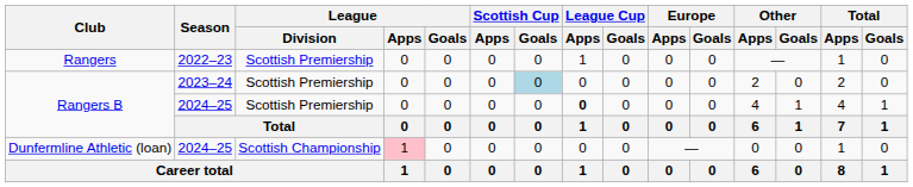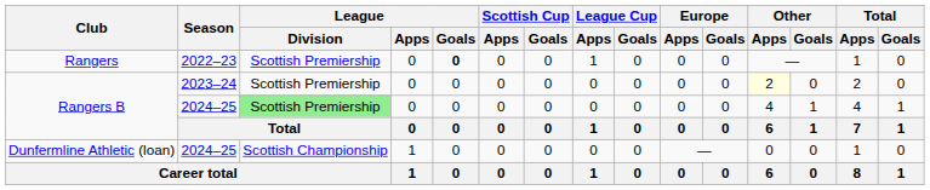 <table class="wikitable" style="text-align:center">
 <tr>
 <th rowspan="2">Club</th>
 <th rowspan="2">Season</th>
 <th colspan="3">League</th>
 <th colspan="2"><a href='#'>Scottish Cup</a></th>
 <th colspan="2"><a href='#'>League Cup</a></th>
 <th colspan="2">Europe</th>
 <th colspan="2">Other</th>
 <th colspan="2">Total</th>
 </tr>
 <tr>
 <th>Division</th>
 <th>Apps</th>
 <th>Goals</th>
 <th>Apps</th>
 <th>Goals</th>
 <th>Apps</th>
 <th>Goals</th>
 <th>Apps</th>
 <th>Goals</th>
 <th>Apps</th>
 <th>Goals</th>
 <th>Apps</th>
 <th>Goals</th>
 </tr>
 <tr>
 <td><a href='#'>Rangers</a></td>
 <td><a href='#'>2022–23</a></td>
 <td><a href='#'>Scottish Premiership</a></td>
 <td>0</td>
-<td>0</td>
+<td><strong>0</strong></td>
 <td>0</td>
 <td>0</td>
 <td>1</td>
 <td>0</td>
 <td>0</td>
 <td>0</td>
 <td colspan="2">—</td>
 <td>1</td>
 <td>0</td>
 </tr>
 <tr>
 <td rowspan="3"><a href='#'>Rangers B</a></td>
 <td><a href='#'>2023–24</a></td>
 <td>Scottish Premiership</td>
 <td>0</td>
 <td>0</td>
 <td>0</td>
-<td style="background: lightblue;">0</td>
 <td>0</td>
 <td>0</td>
 <td>0</td>
 <td>0</td>
-<td>2</td>
+<td>0</td>
+<td style="background: lightyellow;">2</td>
 <td>0</td>
 <td>2</td>
 <td>0</td>
 </tr>
 <tr>
 <td><a href='#'>2024–25</a></td>
-<td>Scottish Premiership</td>
+<td style="background: lightgreen;">Scottish Premiership</td>
 <td>0</td>
 <td>0</td>
 <td>0</td>
 <td>0</td>
-<td><strong>0</strong></td>
+<td>0</td>
 <td>0</td>
 <td>0</td>
 <td>0</td>
 <td>4</td>
 <td>1</td>
 <td>4</td>
 <td>1</td>
 </tr>
 <tr>
 <th colspan="2">Total</th>
 <th>0</th>
 <th>0</th>
 <th>0</th>
 <th>0</th>
 <th>1</th>
 <th>0</th>
 <th>0</th>
 <th>0</th>
 <th>6</th>
 <th>1</th>
 <th>7</th>
 <th>1</th>
 </tr>
 <tr>
 <td><a href='#'>Dunfermline Athletic</a> (loan)</td>
 <td><a href='#'>2024–25</a></td>
 <td><a href='#'>Scottish Championship</a></td>
-<td style="background: pink;">1</td>
+<td>1</td>
 <td>0</td>
 <td>0</td>
 <td>0</td>
 <td>0</td>
 <td>0</td>
 <td colspan="2">—</td>
 <td>0</td>
 <td>0</td>
 <td>1</td>
 <td>0</td>
 </tr>
 <tr>
 <th colspan="3">Career total</th>
 <th>1</th>
 <th>0</th>
 <th>0</th>
 <th>0</th>
 <th>1</th>
 <th>0</th>
 <th>0</th>
 <th>0</th>
 <th>6</th>
 <th>0</th>
 <th>8</th>
 <th>1</th>
 </tr>
 </table>
